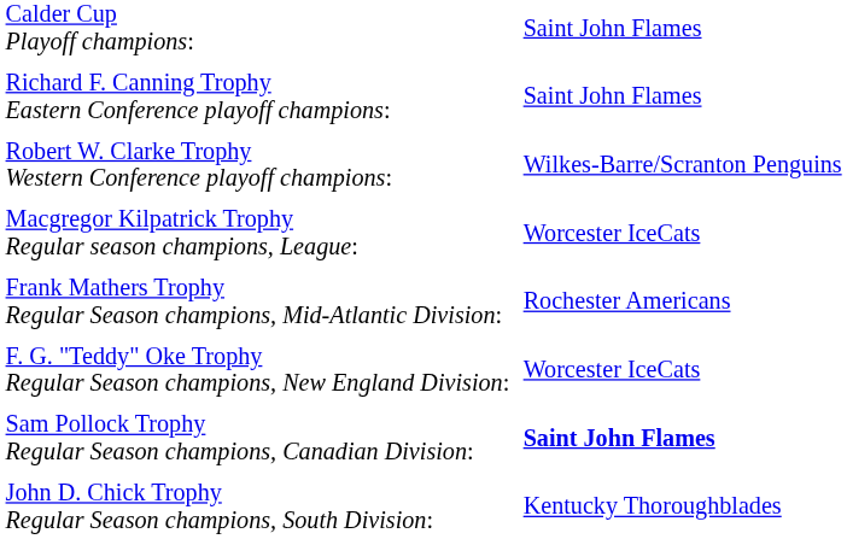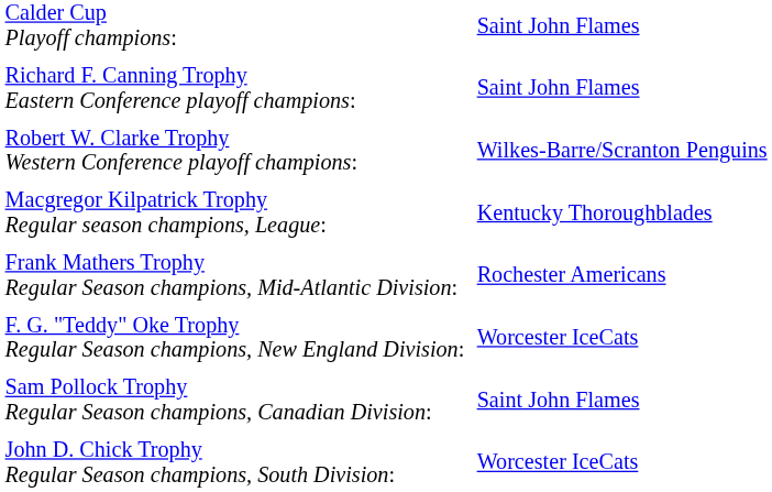 <table cellpadding="3" cellspacing="3">
 <tr>
 <td><a href='#'>Calder Cup</a><br><em>Playoff champions</em>:</td>
 <td><a href='#'>Saint John Flames</a></td>
 </tr>
 <tr>
 <td><a href='#'>Richard F. Canning Trophy</a><br><em>Eastern Conference playoff champions</em>:</td>
 <td><a href='#'>Saint John Flames</a></td>
 </tr>
 <tr>
 <td><a href='#'>Robert W. Clarke Trophy</a><br><em>Western Conference playoff champions</em>:</td>
 <td><a href='#'>Wilkes-Barre/Scranton Penguins</a></td>
 </tr>
 <tr>
 <td><a href='#'>Macgregor Kilpatrick Trophy</a><br><em>Regular season champions, League</em>:</td>
-<td><a href='#'>Worcester IceCats</a></td>
+<td><a href='#'>Kentucky Thoroughblades</a></td>
 </tr>
 <tr>
 <td><a href='#'>Frank Mathers Trophy</a><br><em>Regular Season champions, Mid-Atlantic Division</em>:</td>
 <td><a href='#'>Rochester Americans</a></td>
 </tr>
 <tr>
 <td><a href='#'>F. G. "Teddy" Oke Trophy</a><br><em>Regular Season champions, New England Division</em>:</td>
 <td><a href='#'>Worcester IceCats</a></td>
 </tr>
 <tr>
 <td><a href='#'>Sam Pollock Trophy</a><br><em>Regular Season champions, Canadian Division</em>:</td>
-<td><strong><a href='#'>Saint John Flames</a></strong></td>
+<td><a href='#'>Saint John Flames</a></td>
 </tr>
 <tr>
 <td><a href='#'>John D. Chick Trophy</a><br><em>Regular Season champions, South Division</em>:</td>
-<td><a href='#'>Kentucky Thoroughblades</a></td>
+<td><a href='#'>Worcester IceCats</a></td>
 </tr>
 </table>
